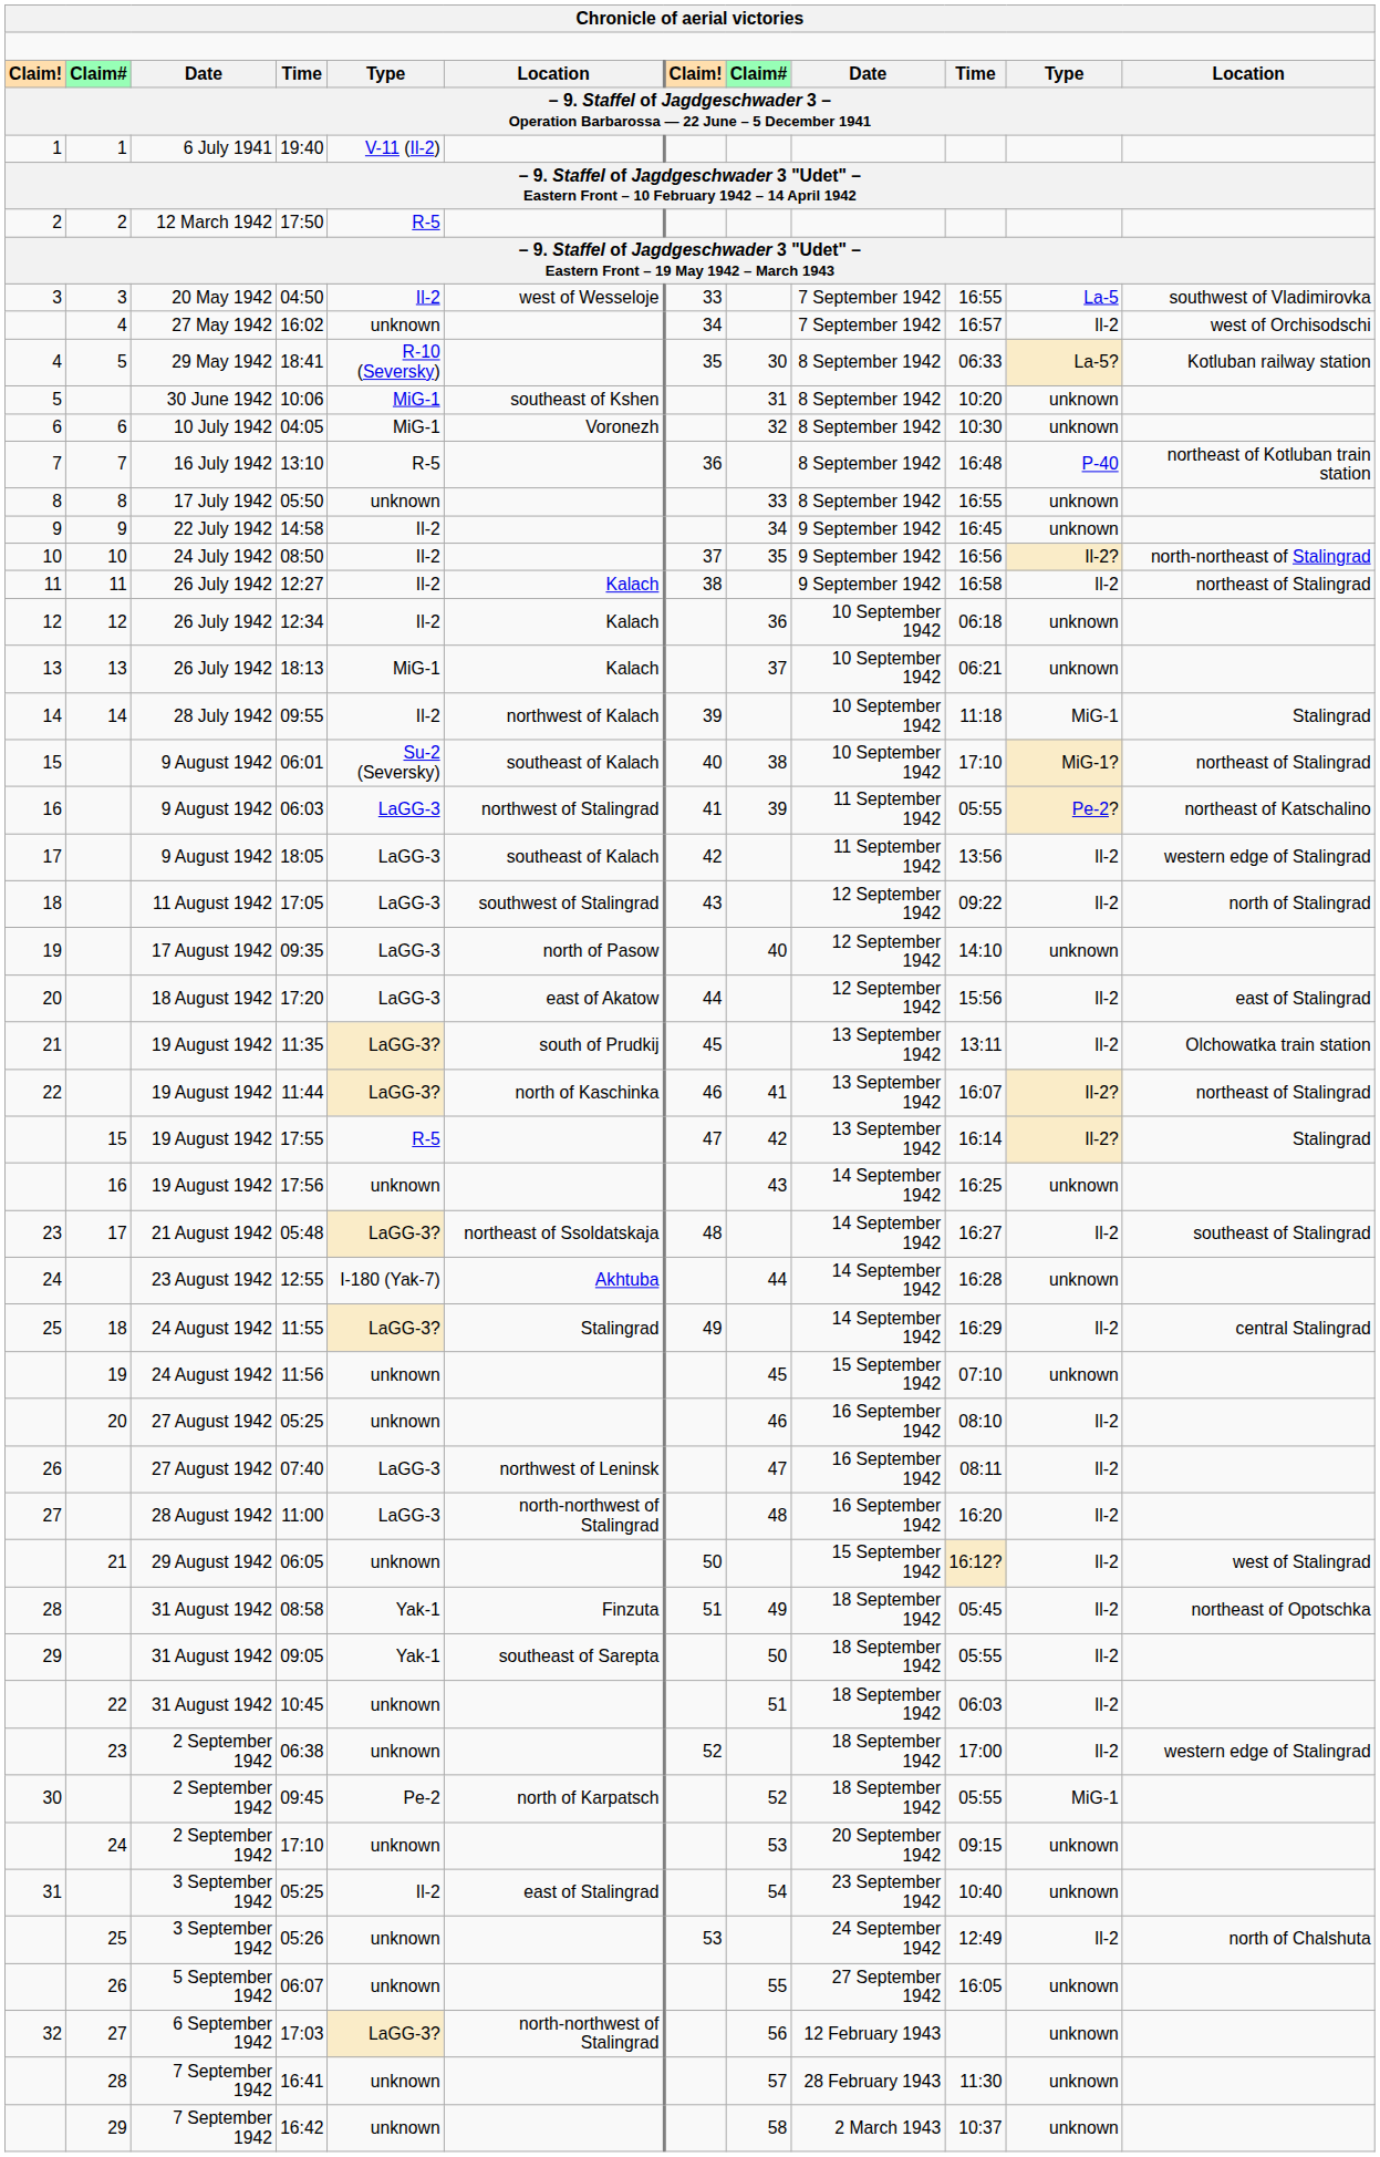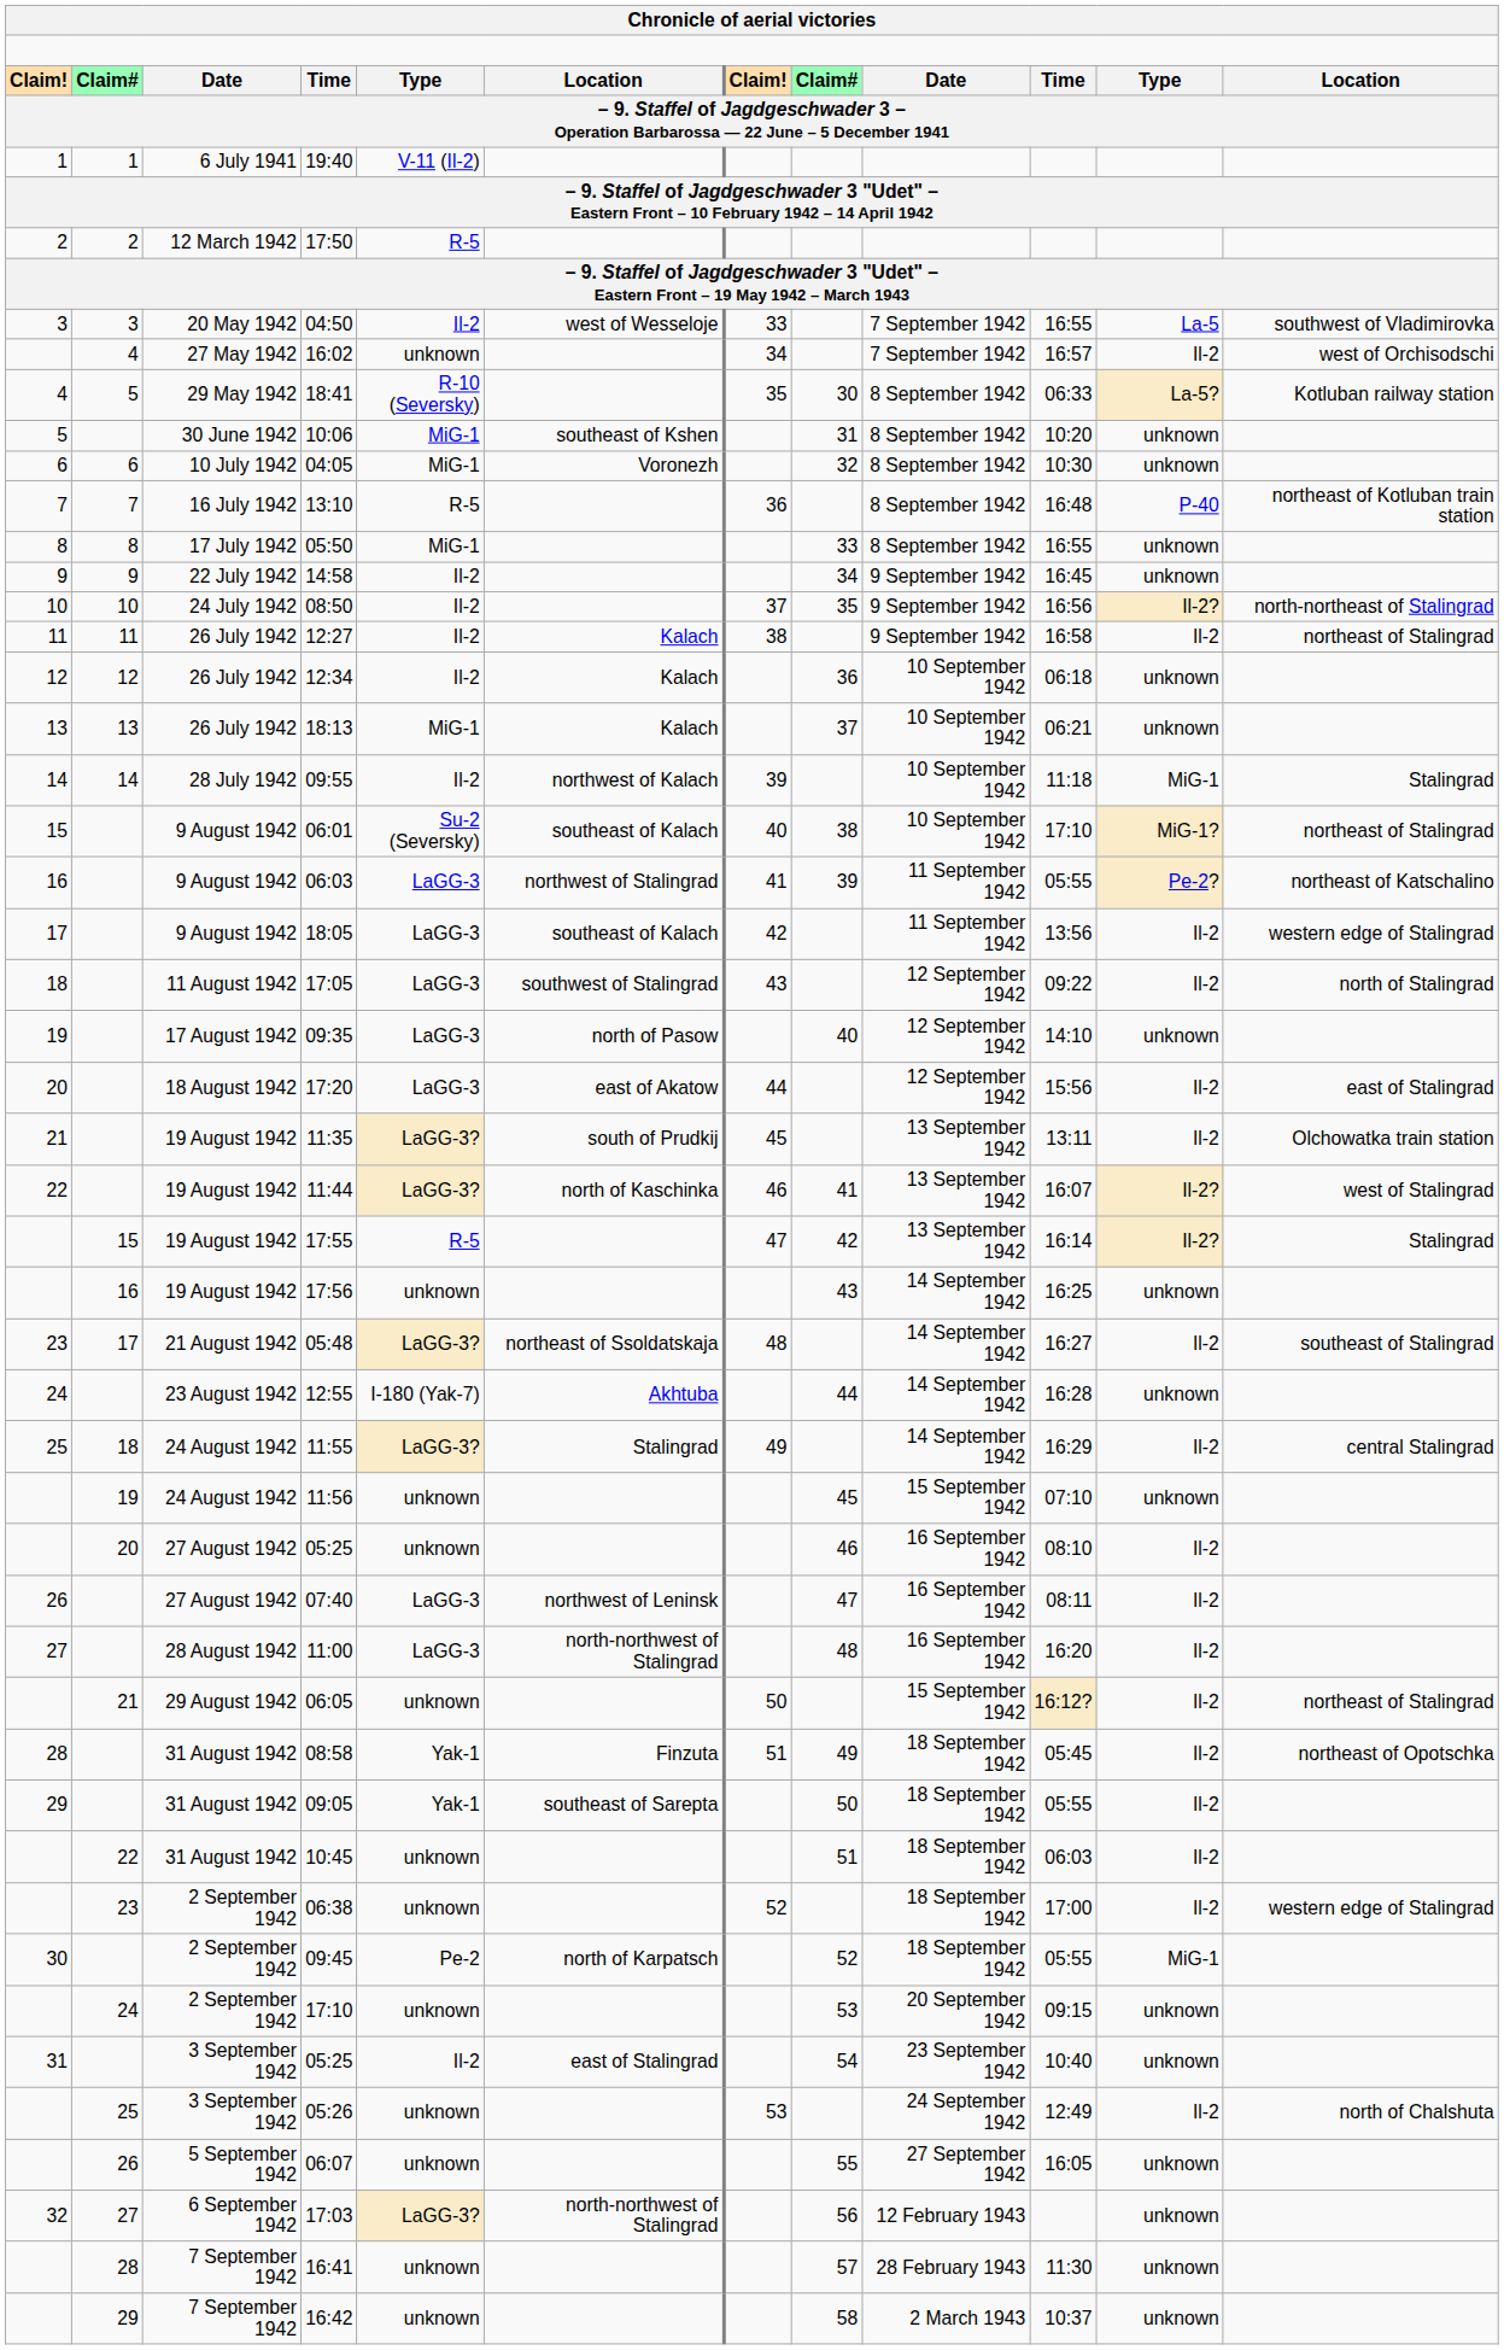 <table class="wikitable plainrowheaders collapsible" style="margin-left: auto; margin-right: auto; border: none; text-align:right; width: 100%;">
 <tr>
 <th colspan="12">Chronicle of aerial victories</th>
 </tr>
 <tr>
 <td colspan="12" style="text-align: left;"><br>  </td>
 </tr>
 <tr>
 <th scope="col" style="background:#ffdead">Claim!</th>
 <th scope="col" style="background:#97ffb6">Claim#</th>
 <th scope="col">Date</th>
 <th scope="col">Time</th>
 <th scope="col" width="100px">Type</th>
 <th scope="col">Location</th>
 <th scope="col" style="border-left: 3px solid grey; background:#ffdead">Claim!</th>
 <th scope="col" style="background:#97ffb6">Claim#</th>
 <th scope="col">Date</th>
 <th scope="col">Time</th>
 <th scope="col" width="100px">Type</th>
 <th scope="col">Location</th>
 </tr>
 <tr>
 <th colspan="12">– 9. <em>Staffel</em> of <em>Jagdgeschwader</em> 3 –<br><small>Operation Barbarossa — 22 June – 5 December 1941</small></th>
 </tr>
 <tr>
 <td>1</td>
 <td>1</td>
 <td>6 July 1941</td>
 <td>19:40</td>
 <td><a href='#'>V-11</a> (<a href='#'>Il-2</a>)</td>
 <td></td>
 <td style="border-left: 3px solid grey;"></td>
 <td></td>
 <td></td>
 <td></td>
 <td></td>
 <td></td>
 </tr>
 <tr>
 <th colspan="12">– 9. <em>Staffel</em> of <em>Jagdgeschwader</em> 3 "Udet" –<br><small>Eastern Front – 10 February 1942 – 14 April 1942</small></th>
 </tr>
 <tr>
 <td>2</td>
 <td>2</td>
 <td>12 March 1942</td>
 <td>17:50</td>
 <td><a href='#'>R-5</a></td>
 <td></td>
 <td style="border-left: 3px solid grey;"></td>
 <td></td>
 <td></td>
 <td></td>
 <td></td>
 <td></td>
 </tr>
 <tr>
 <th colspan="12">– 9. <em>Staffel</em> of <em>Jagdgeschwader</em> 3 "Udet" –<br><small>Eastern Front – 19 May 1942 – March 1943</small></th>
 </tr>
 <tr>
 <td>3</td>
 <td>3</td>
 <td>20 May 1942</td>
 <td>04:50</td>
 <td><a href='#'>Il-2</a></td>
 <td>west of Wesseloje</td>
 <td style="border-left: 3px solid grey;">33</td>
 <td></td>
 <td>7 September 1942</td>
 <td>16:55</td>
 <td><a href='#'>La-5</a></td>
 <td> southwest of Vladimirovka</td>
 </tr>
 <tr>
 <td></td>
 <td>4</td>
 <td>27 May 1942</td>
 <td>16:02</td>
 <td>unknown</td>
 <td></td>
 <td style="border-left: 3px solid grey;">34</td>
 <td></td>
 <td>7 September 1942</td>
 <td>16:57</td>
 <td>Il-2</td>
 <td> west of Orchisodschi</td>
 </tr>
 <tr>
 <td>4</td>
 <td>5</td>
 <td>29 May 1942</td>
 <td>18:41</td>
 <td><a href='#'>R-10</a> (<a href='#'>Seversky</a>)</td>
 <td></td>
 <td style="border-left: 3px solid grey;">35</td>
 <td>30</td>
 <td>8 September 1942</td>
 <td>06:33</td>
 <td style="background:#faecc8">La-5?</td>
 <td>Kotluban railway station</td>
 </tr>
 <tr>
 <td>5</td>
 <td></td>
 <td>30 June 1942</td>
 <td>10:06</td>
 <td><a href='#'>MiG-1</a></td>
 <td>southeast of Kshen</td>
 <td style="border-left: 3px solid grey;"></td>
 <td>31</td>
 <td>8 September 1942</td>
 <td>10:20</td>
 <td>unknown</td>
 <td></td>
 </tr>
 <tr>
 <td>6</td>
 <td>6</td>
 <td>10 July 1942</td>
 <td>04:05</td>
 <td>MiG-1</td>
 <td>Voronezh</td>
 <td style="border-left: 3px solid grey;"></td>
 <td>32</td>
 <td>8 September 1942</td>
 <td>10:30</td>
 <td>unknown</td>
 <td></td>
 </tr>
 <tr>
 <td>7</td>
 <td>7</td>
 <td>16 July 1942</td>
 <td>13:10</td>
 <td>R-5</td>
 <td></td>
 <td style="border-left: 3px solid grey;">36</td>
 <td></td>
 <td>8 September 1942</td>
 <td>16:48</td>
 <td><a href='#'>P-40</a></td>
 <td> northeast of Kotluban train station</td>
 </tr>
 <tr>
 <td>8</td>
 <td>8</td>
 <td>17 July 1942</td>
 <td>05:50</td>
-<td>unknown</td>
+<td>MiG-1</td>
 <td></td>
 <td style="border-left: 3px solid grey;"></td>
 <td>33</td>
 <td>8 September 1942</td>
 <td>16:55</td>
 <td>unknown</td>
 <td></td>
 </tr>
 <tr>
 <td>9</td>
 <td>9</td>
 <td>22 July 1942</td>
 <td>14:58</td>
 <td>Il-2</td>
 <td></td>
 <td style="border-left: 3px solid grey;"></td>
 <td>34</td>
 <td>9 September 1942</td>
 <td>16:45</td>
 <td>unknown</td>
 <td></td>
 </tr>
 <tr>
 <td>10</td>
 <td>10</td>
 <td>24 July 1942</td>
 <td>08:50</td>
 <td>Il-2</td>
 <td></td>
 <td style="border-left: 3px solid grey;">37</td>
 <td>35</td>
 <td>9 September 1942</td>
 <td>16:56</td>
 <td style="background:#faecc8">Il-2?</td>
 <td> north-northeast of <a href='#'>Stalingrad</a></td>
 </tr>
 <tr>
 <td>11</td>
 <td>11</td>
 <td>26 July 1942</td>
 <td>12:27</td>
 <td>Il-2</td>
 <td><a href='#'>Kalach</a></td>
 <td style="border-left: 3px solid grey;">38</td>
 <td></td>
 <td>9 September 1942</td>
 <td>16:58</td>
 <td>Il-2</td>
 <td> northeast of Stalingrad</td>
 </tr>
 <tr>
 <td>12</td>
 <td>12</td>
 <td>26 July 1942</td>
 <td>12:34</td>
 <td>Il-2</td>
 <td>Kalach</td>
 <td style="border-left: 3px solid grey;"></td>
 <td>36</td>
 <td>10 September 1942</td>
 <td>06:18</td>
 <td>unknown</td>
 <td></td>
 </tr>
 <tr>
 <td>13</td>
 <td>13</td>
 <td>26 July 1942</td>
 <td>18:13</td>
 <td>MiG-1</td>
 <td>Kalach</td>
 <td style="border-left: 3px solid grey;"></td>
 <td>37</td>
 <td>10 September 1942</td>
 <td>06:21</td>
 <td>unknown</td>
 <td></td>
 </tr>
 <tr>
 <td>14</td>
 <td>14</td>
 <td>28 July 1942</td>
 <td>09:55</td>
 <td>Il-2</td>
 <td>northwest of Kalach</td>
 <td style="border-left: 3px solid grey;">39</td>
 <td></td>
 <td>10 September 1942</td>
 <td>11:18</td>
 <td>MiG-1</td>
 <td>Stalingrad</td>
 </tr>
 <tr>
 <td>15</td>
 <td></td>
 <td>9 August 1942</td>
 <td>06:01</td>
 <td><a href='#'>Su-2</a> (Seversky)</td>
 <td>southeast of Kalach</td>
 <td style="border-left: 3px solid grey;">40</td>
 <td>38</td>
 <td>10 September 1942</td>
 <td>17:10</td>
 <td style="background:#faecc8">MiG-1?</td>
 <td> northeast of Stalingrad</td>
 </tr>
 <tr>
 <td>16</td>
 <td></td>
 <td>9 August 1942</td>
 <td>06:03</td>
 <td><a href='#'>LaGG-3</a></td>
 <td>northwest of Stalingrad</td>
 <td style="border-left: 3px solid grey;">41</td>
 <td>39</td>
 <td>11 September 1942</td>
 <td>05:55</td>
 <td style="background:#faecc8"><a href='#'>Pe-2</a>?</td>
 <td> northeast of Katschalino</td>
 </tr>
 <tr>
 <td>17</td>
 <td></td>
 <td>9 August 1942</td>
 <td>18:05</td>
 <td>LaGG-3</td>
 <td>southeast of Kalach</td>
 <td style="border-left: 3px solid grey;">42</td>
 <td></td>
 <td>11 September 1942</td>
 <td>13:56</td>
 <td>Il-2</td>
 <td>western edge of Stalingrad</td>
 </tr>
 <tr>
 <td>18</td>
 <td></td>
 <td>11 August 1942</td>
 <td>17:05</td>
 <td>LaGG-3</td>
 <td>southwest of Stalingrad</td>
 <td style="border-left: 3px solid grey;">43</td>
 <td></td>
 <td>12 September 1942</td>
 <td>09:22</td>
 <td>Il-2</td>
 <td> north of Stalingrad</td>
 </tr>
 <tr>
 <td>19</td>
 <td></td>
 <td>17 August 1942</td>
 <td>09:35</td>
 <td>LaGG-3</td>
 <td>north of Pasow</td>
 <td style="border-left: 3px solid grey;"></td>
 <td>40</td>
 <td>12 September 1942</td>
 <td>14:10</td>
 <td>unknown</td>
 <td></td>
 </tr>
 <tr>
 <td>20</td>
 <td></td>
 <td>18 August 1942</td>
 <td>17:20</td>
 <td>LaGG-3</td>
 <td>east of Akatow</td>
 <td style="border-left: 3px solid grey;">44</td>
 <td></td>
 <td>12 September 1942</td>
 <td>15:56</td>
 <td>Il-2</td>
 <td>east of Stalingrad</td>
 </tr>
 <tr>
 <td>21</td>
 <td></td>
 <td>19 August 1942</td>
 <td>11:35</td>
 <td style="background:#faecc8">LaGG-3?</td>
 <td>south of Prudkij</td>
 <td style="border-left: 3px solid grey;">45</td>
 <td></td>
 <td>13 September 1942</td>
 <td>13:11</td>
 <td>Il-2</td>
 <td>Olchowatka train station</td>
 </tr>
 <tr>
 <td>22</td>
 <td></td>
 <td>19 August 1942</td>
 <td>11:44</td>
 <td style="background:#faecc8">LaGG-3?</td>
 <td>north of Kaschinka</td>
 <td style="border-left: 3px solid grey;">46</td>
 <td>41</td>
 <td>13 September 1942</td>
 <td>16:07</td>
 <td style="background:#faecc8">Il-2?</td>
-<td> northeast of Stalingrad</td>
+<td> west of Stalingrad</td>
 </tr>
 <tr>
 <td></td>
 <td>15</td>
 <td>19 August 1942</td>
 <td>17:55</td>
 <td><a href='#'>R-5</a></td>
 <td></td>
 <td style="border-left: 3px solid grey;">47</td>
 <td>42</td>
 <td>13 September 1942</td>
 <td>16:14</td>
 <td style="background:#faecc8">Il-2?</td>
 <td>Stalingrad</td>
 </tr>
 <tr>
 <td></td>
 <td>16</td>
 <td>19 August 1942</td>
 <td>17:56</td>
 <td>unknown</td>
 <td></td>
 <td style="border-left: 3px solid grey;"></td>
 <td>43</td>
 <td>14 September 1942</td>
 <td>16:25</td>
 <td>unknown</td>
 <td></td>
 </tr>
 <tr>
 <td>23</td>
 <td>17</td>
 <td>21 August 1942</td>
 <td>05:48</td>
 <td style="background:#faecc8">LaGG-3?</td>
 <td>northeast of Ssoldatskaja</td>
 <td style="border-left: 3px solid grey;">48</td>
 <td></td>
 <td>14 September 1942</td>
 <td>16:27</td>
 <td>Il-2</td>
 <td> southeast of Stalingrad</td>
 </tr>
 <tr>
 <td>24</td>
 <td></td>
 <td>23 August 1942</td>
 <td>12:55</td>
 <td>I-180 (Yak-7)</td>
 <td><a href='#'>Akhtuba</a></td>
 <td style="border-left: 3px solid grey;"></td>
 <td>44</td>
 <td>14 September 1942</td>
 <td>16:28</td>
 <td>unknown</td>
 <td></td>
 </tr>
 <tr>
 <td>25</td>
 <td>18</td>
 <td>24 August 1942</td>
 <td>11:55</td>
 <td style="background:#faecc8">LaGG-3?</td>
 <td>Stalingrad</td>
 <td style="border-left: 3px solid grey;">49</td>
 <td></td>
 <td>14 September 1942</td>
 <td>16:29</td>
 <td>Il-2</td>
 <td>central Stalingrad</td>
 </tr>
 <tr>
 <td></td>
 <td>19</td>
 <td>24 August 1942</td>
 <td>11:56</td>
 <td>unknown</td>
 <td></td>
 <td style="border-left: 3px solid grey;"></td>
 <td>45</td>
 <td>15 September 1942</td>
 <td>07:10</td>
 <td>unknown</td>
 <td></td>
 </tr>
 <tr>
 <td></td>
 <td>20</td>
 <td>27 August 1942</td>
 <td>05:25</td>
 <td>unknown</td>
 <td></td>
 <td style="border-left: 3px solid grey;"></td>
 <td>46</td>
 <td>16 September 1942</td>
 <td>08:10</td>
 <td>Il-2</td>
 <td></td>
 </tr>
 <tr>
 <td>26</td>
 <td></td>
 <td>27 August 1942</td>
 <td>07:40</td>
 <td>LaGG-3</td>
 <td>northwest of Leninsk</td>
 <td style="border-left: 3px solid grey;"></td>
 <td>47</td>
 <td>16 September 1942</td>
 <td>08:11</td>
 <td>Il-2</td>
 <td></td>
 </tr>
 <tr>
 <td>27</td>
 <td></td>
 <td>28 August 1942</td>
 <td>11:00</td>
 <td>LaGG-3</td>
 <td>north-northwest of Stalingrad</td>
 <td style="border-left: 3px solid grey;"></td>
 <td>48</td>
 <td>16 September 1942</td>
 <td>16:20</td>
 <td>Il-2</td>
 <td></td>
 </tr>
 <tr>
 <td></td>
 <td>21</td>
 <td>29 August 1942</td>
 <td>06:05</td>
 <td>unknown</td>
 <td></td>
 <td style="border-left: 3px solid grey;">50</td>
 <td></td>
 <td>15 September 1942</td>
 <td style="background:#faecc8">16:12?</td>
 <td>Il-2</td>
-<td> west of Stalingrad</td>
+<td> northeast of Stalingrad</td>
 </tr>
 <tr>
 <td>28</td>
 <td></td>
 <td>31 August 1942</td>
 <td>08:58</td>
 <td>Yak-1</td>
 <td>Finzuta</td>
 <td style="border-left: 3px solid grey;">51</td>
 <td>49</td>
 <td>18 September 1942</td>
 <td>05:45</td>
 <td>Il-2</td>
 <td> northeast of Opotschka</td>
 </tr>
 <tr>
 <td>29</td>
 <td></td>
 <td>31 August 1942</td>
 <td>09:05</td>
 <td>Yak-1</td>
 <td>southeast of Sarepta</td>
 <td style="border-left: 3px solid grey;"></td>
 <td>50</td>
 <td>18 September 1942</td>
 <td>05:55</td>
 <td>Il-2</td>
 <td></td>
 </tr>
 <tr>
 <td></td>
 <td>22</td>
 <td>31 August 1942</td>
 <td>10:45</td>
 <td>unknown</td>
 <td></td>
 <td style="border-left: 3px solid grey;"></td>
 <td>51</td>
 <td>18 September 1942</td>
 <td>06:03</td>
 <td>Il-2</td>
 <td></td>
 </tr>
 <tr>
 <td></td>
 <td>23</td>
 <td>2 September 1942</td>
 <td>06:38</td>
 <td>unknown</td>
 <td></td>
 <td style="border-left: 3px solid grey;">52</td>
 <td></td>
 <td>18 September 1942</td>
 <td>17:00</td>
 <td>Il-2</td>
 <td>western edge of Stalingrad</td>
 </tr>
 <tr>
 <td>30</td>
 <td></td>
 <td>2 September 1942</td>
 <td>09:45</td>
 <td>Pe-2</td>
 <td> north of Karpatsch</td>
 <td style="border-left: 3px solid grey;"></td>
 <td>52</td>
 <td>18 September 1942</td>
 <td>05:55</td>
 <td>MiG-1</td>
 <td></td>
 </tr>
 <tr>
 <td></td>
 <td>24</td>
 <td>2 September 1942</td>
 <td>17:10</td>
 <td>unknown</td>
 <td></td>
 <td style="border-left: 3px solid grey;"></td>
 <td>53</td>
 <td>20 September 1942</td>
 <td>09:15</td>
 <td>unknown</td>
 <td></td>
 </tr>
 <tr>
 <td>31</td>
 <td></td>
 <td>3 September 1942</td>
 <td>05:25</td>
 <td>Il-2</td>
 <td>east of Stalingrad</td>
 <td style="border-left: 3px solid grey;"></td>
 <td>54</td>
 <td>23 September 1942</td>
 <td>10:40</td>
 <td>unknown</td>
 <td></td>
 </tr>
 <tr>
 <td></td>
 <td>25</td>
 <td>3 September 1942</td>
 <td>05:26</td>
 <td>unknown</td>
 <td></td>
 <td style="border-left: 3px solid grey;">53</td>
 <td></td>
 <td>24 September 1942</td>
 <td>12:49</td>
 <td>Il-2</td>
 <td> north of Chalshuta</td>
 </tr>
 <tr>
 <td></td>
 <td>26</td>
 <td>5 September 1942</td>
 <td>06:07</td>
 <td>unknown</td>
 <td></td>
 <td style="border-left: 3px solid grey;"></td>
 <td>55</td>
 <td>27 September 1942</td>
 <td>16:05</td>
 <td>unknown</td>
 <td></td>
 </tr>
 <tr>
 <td>32</td>
 <td>27</td>
 <td>6 September 1942</td>
 <td>17:03</td>
 <td style="background:#faecc8">LaGG-3?</td>
 <td> north-northwest of Stalingrad</td>
 <td style="border-left: 3px solid grey;"></td>
 <td>56</td>
 <td>12 February 1943</td>
 <td></td>
 <td>unknown</td>
 <td></td>
 </tr>
 <tr>
 <td></td>
 <td>28</td>
 <td>7 September 1942</td>
 <td>16:41</td>
 <td>unknown</td>
 <td></td>
 <td style="border-left: 3px solid grey;"></td>
 <td>57</td>
 <td>28 February 1943</td>
 <td>11:30</td>
 <td>unknown</td>
 <td></td>
 </tr>
 <tr>
 <td></td>
 <td>29</td>
 <td>7 September 1942</td>
 <td>16:42</td>
 <td>unknown</td>
 <td></td>
 <td style="border-left: 3px solid grey;"></td>
 <td>58</td>
 <td>2 March 1943</td>
 <td>10:37</td>
 <td>unknown</td>
 <td></td>
 </tr>
 </table>
